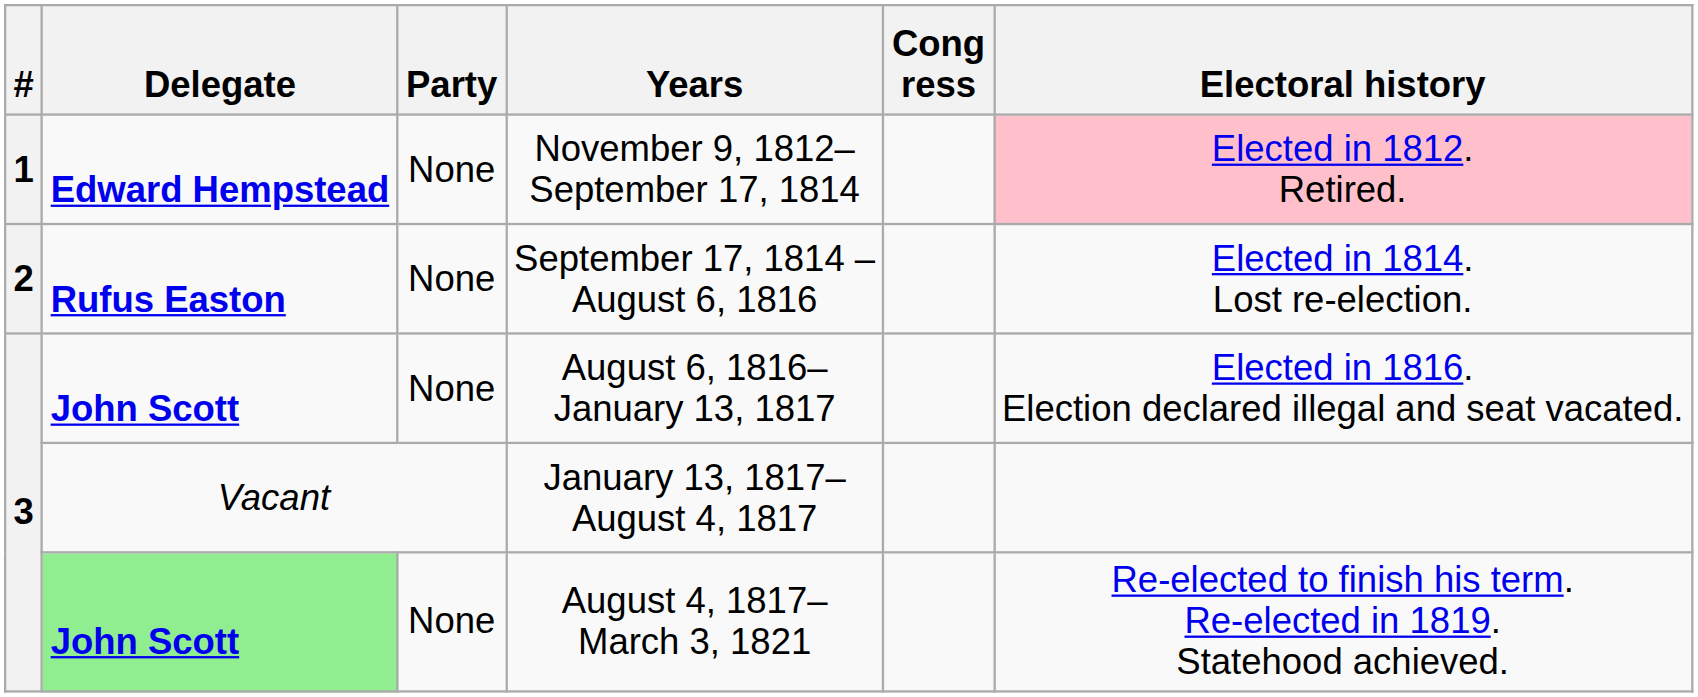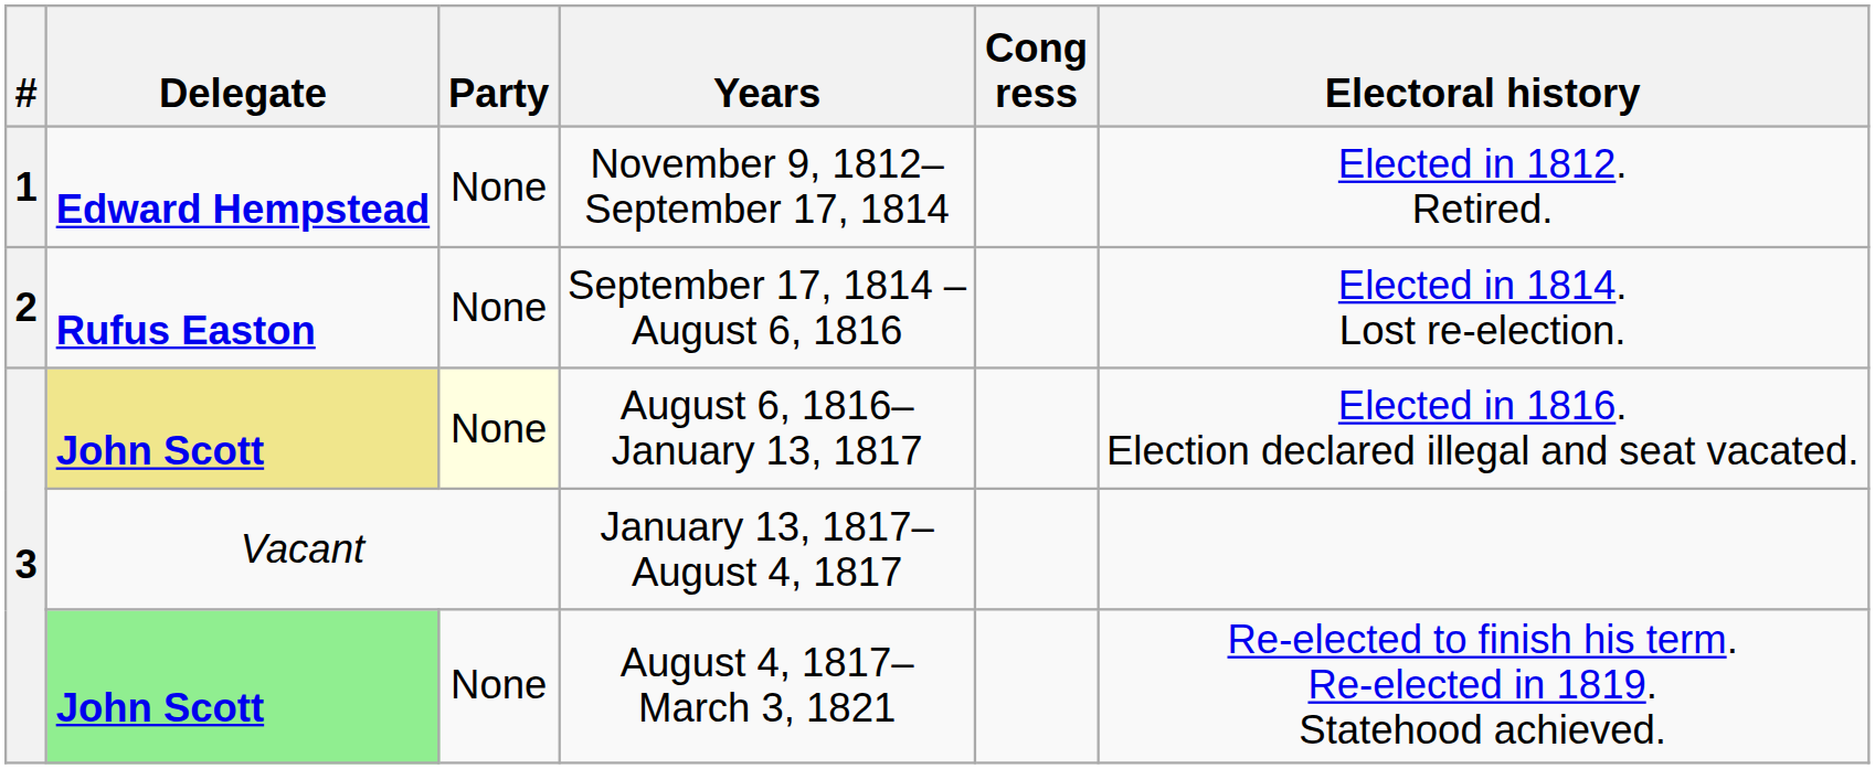 <table class=wikitable style="text-align:center">
 <tr style="height:3em" valign=bottom>
 <th>#</th>
 <th>Delegate</th>
 <th>Party</th>
 <th>Years</th>
 <th>Cong<br>ress</th>
 <th>Electoral history</th>
 </tr>
 <tr style="height:3em">
 <th>1</th>
 <td align=left><br><strong><a href='#'>Edward Hempstead</a></strong><br></td>
 <td>None</td>
 <td nowrap>November 9, 1812–<br>September 17, 1814</td>
 <td></td>
-<td style="background: pink;"><a href='#'>Elected in 1812</a>.<br>Retired.</td>
+<td><a href='#'>Elected in 1812</a>.<br>Retired.</td>
 </tr>
 <tr style="height:3em">
 <th>2</th>
 <td align=left><br><strong><a href='#'>Rufus Easton</a></strong><br></td>
 <td>None</td>
 <td nowrap>September 17, 1814 –<br>August 6, 1816</td>
 <td></td>
 <td><a href='#'>Elected in 1814</a>.<br>Lost re-election.</td>
 </tr>
 <tr style="height:3em">
 <th rowspan=3>3</th>
-<td align=left><br><strong><a href='#'>John Scott</a></strong><br></td>
-<td>None</td>
+<td align=left style="background: khaki;"><br><strong><a href='#'>John Scott</a></strong><br></td>
+<td style="background: lightyellow;">None</td>
 <td nowrap>August 6, 1816–<br>January 13, 1817</td>
 <td></td>
 <td><a href='#'>Elected in 1816</a>.<br>Election declared illegal and seat vacated.</td>
 </tr>
 <tr style="height:3em">
 <td colspan="2"><em>Vacant</em></td>
 <td nowrap>January 13, 1817–<br>August 4, 1817</td>
 <td></td>
 <td></td>
 </tr>
 <tr style="height:3em">
 <td align=left style="background: lightgreen;"><br><strong><a href='#'>John Scott</a></strong><br></td>
 <td>None</td>
 <td nowrap>August 4, 1817–<br>March 3, 1821</td>
 <td></td>
 <td><a href='#'>Re-elected to finish his term</a>.<br><a href='#'>Re-elected in 1819</a>.<br>Statehood achieved.</td>
 </tr>
 </table>
